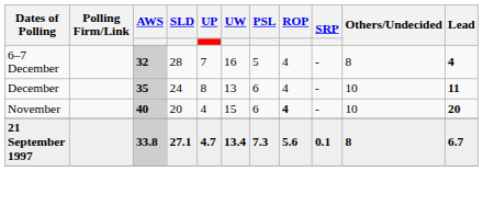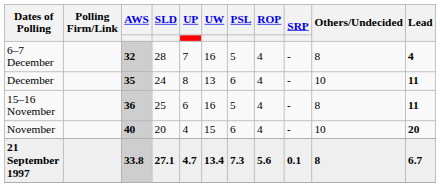 <table class="wikitable sortable collapsible">
 <tr style="height:42px; text-align:center; background-color:#E9E9E9">
 <th rowspan="2" data-sort-type="date" style="width:130px;">Dates of Polling</th>
 <th rowspan="2" style="width:130px;">Polling Firm/Link</th>
 <th style="width:60px;" class="unsortable"><a href='#'><span>AWS</span></a></th>
 <th style="width:60px;" class="unsortable"><a href='#'><span>SLD</span></a></th>
 <th style="width:60px;" class="unsortable"><a href='#'><span>UP</span></a></th>
 <th style="width:60px;" class="unsortable"><a href='#'><span>UW</span></a></th>
 <th style="width:60px;" class="unsortable"><a href='#'><span>PSL</span></a></th>
 <th style="width:60px;" class="unsortable"><a href='#'><span>ROP</span></a></th>
 <th style="width:60px;" class="unsortable"><br><a href='#'><span>SRP</span></a></th>
 <th rowspan="2" data-sort-type="number" style="width:40px;">Others/Undecided</th>
 <th rowspan="2" data-sort-type="number" style="width:30px;">Lead</th>
 </tr>
 <tr>
 <th data-sort-type="number" style="height:1px; background:"></th>
 <th data-sort-type="number" style="height:1px; background:"></th>
 <th data-sort-type="number" style="height:1px; background:Red;"></th>
 <th data-sort-type="number" style="height:1px; background:"></th>
 <th data-sort-type="number" style="height:1px; background:"></th>
 <th data-sort-type="number" style="height:1px; background:"></th>
 <th data-sort-type="number" style="height:1px; background:"></th>
 </tr>
 <tr>
 <td>6–7 December</td>
 <td></td>
 <td style="background:#CECECE"><strong>32</strong></td>
 <td>28</td>
 <td>7</td>
 <td>16</td>
 <td>5</td>
 <td>4</td>
 <td>-</td>
 <td>8</td>
 <td style="background:"><strong>4</strong></td>
 </tr>
 <tr>
 <td>December</td>
 <td></td>
 <td style="background:#CECECE"><strong>35</strong></td>
 <td>24</td>
 <td>8</td>
 <td>13</td>
 <td>6</td>
 <td>4</td>
 <td>-</td>
 <td>10</td>
 <td style="background:"><strong>11</strong></td>
 </tr>
 <tr>
+<td>15–16 November</td>
+<td></td>
+<td style="background:#CECECE"><strong>36</strong></td>
+<td>25</td>
+<td>6</td>
+<td>16</td>
+<td>5</td>
+<td>4</td>
+<td>-</td>
+<td>8</td>
+<td style="background:"><strong>11</strong></td>
+</tr>
+<tr>
 <td>November</td>
 <td></td>
 <td style="background:#CECECE"><strong>40</strong></td>
 <td>20</td>
 <td>4</td>
 <td>15</td>
 <td>6</td>
-<td><strong>4</strong></td>
+<td>4</td>
 <td>-</td>
 <td>10</td>
 <td style="background:"><strong>20</strong></td>
 </tr>
 <tr>
 </tr>
 <tr style="background:#EFEFEF; font-weight:bold;">
 <td>21 September 1997</td>
 <td></td>
 <td style="background:#CECECE"><strong>33.8</strong></td>
 <td>27.1</td>
 <td>4.7</td>
 <td>13.4</td>
 <td>7.3</td>
 <td>5.6</td>
 <td>0.1</td>
 <td>8</td>
 <td style="background:"><strong>6.7</strong></td>
 </tr>
 <tr>
 </tr>
 </table>
